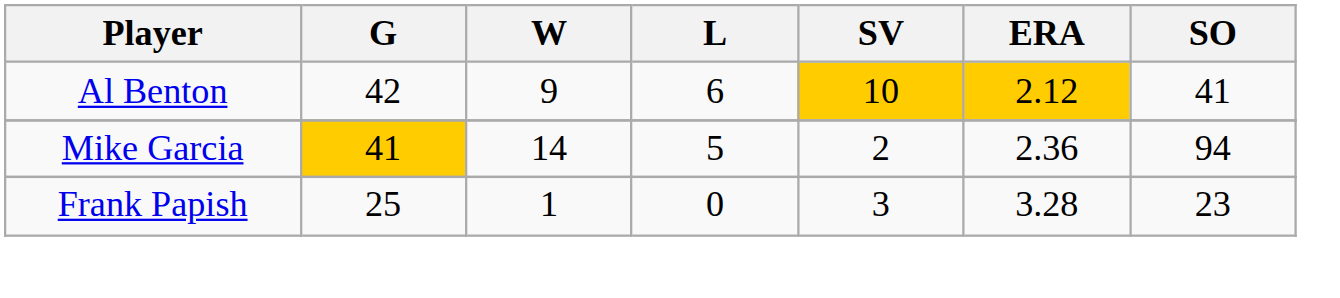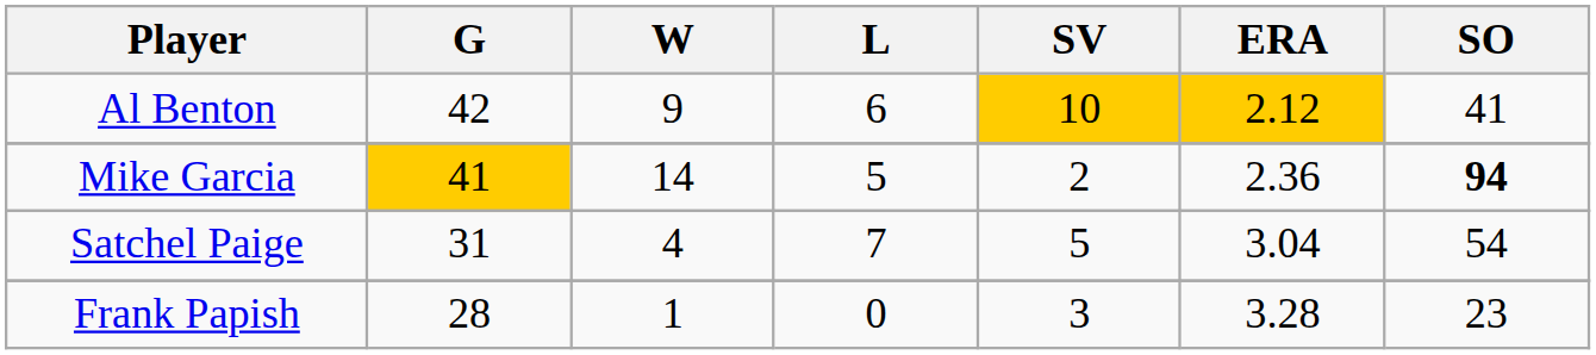 <table class="wikitable sortable">
 <tr>
 <th bgcolor="#DDDDFF" width="16%">Player</th>
 <th bgcolor="#DDDDFF" width="9%">G</th>
 <th bgcolor="#DDDDFF" width="9%">W</th>
 <th bgcolor="#DDDDFF" width="9%">L</th>
 <th bgcolor="#DDDDFF" width="9%">SV</th>
 <th bgcolor="#DDDDFF" width="9%">ERA</th>
 <th bgcolor="#DDDDFF" width="9%">SO</th>
 </tr>
 <tr align="center">
 <td><a href='#'>Al Benton</a></td>
 <td>42</td>
 <td>9</td>
 <td>6</td>
 <td style="background:#fc0;">10</td>
 <td style="background:#fc0;">2.12</td>
 <td>41</td>
 </tr>
 <tr>
 </tr>
 <tr align="center">
 <td><a href='#'>Mike Garcia</a></td>
 <td style="background:#fc0;">41</td>
 <td>14</td>
 <td>5</td>
 <td>2</td>
 <td>2.36</td>
-<td>94</td>
+<td><strong>94</strong></td>
 </tr>
 <tr>
+</tr>
+<tr align="center">
+<td><a href='#'>Satchel Paige</a></td>
+<td>31</td>
+<td>4</td>
+<td>7</td>
+<td>5</td>
+<td>3.04</td>
+<td>54</td>
 </tr>
 <tr>
 </tr>
 <tr align="center">
 <td><a href='#'>Frank Papish</a></td>
-<td>25</td>
+<td>28</td>
 <td>1</td>
 <td>0</td>
 <td>3</td>
 <td>3.28</td>
 <td>23</td>
 </tr>
 </table>
